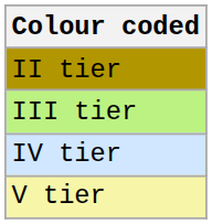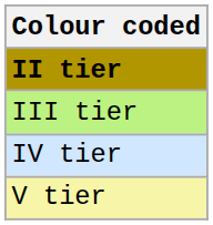 <table class="wikitable">
 <tr>
 <th>Colour coded</th>
 </tr>
 <tr bgcolor=#b29600>
-<td>II tier</td>
+<td><strong>II tier</strong></td>
 </tr>
 <tr bgcolor=#BCF282>
 <td>III tier</td>
 </tr>
 <tr bgcolor=#D0E7FF>
 <td>IV tier</td>
 </tr>
 <tr bgcolor=#F7F6A8>
 <td>V tier</td>
 </tr>
 </table>
